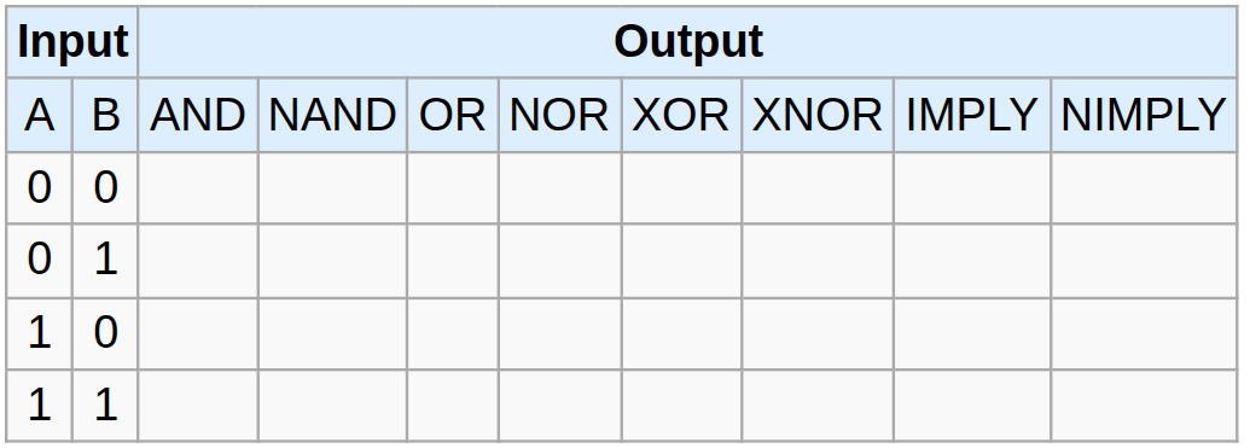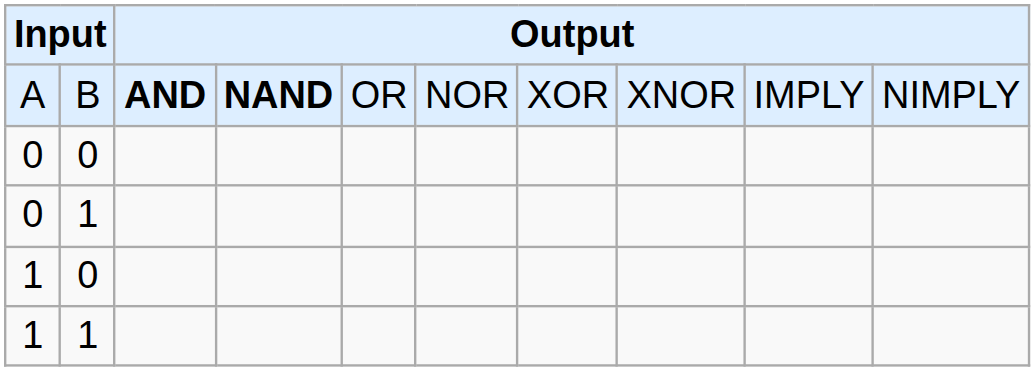 <table class="wikitable" style="text-align:center;">
 <tr style="background:#def;">
 <td colspan=2><strong>Input</strong></td>
 <td colspan=8><strong>Output</strong></td>
 </tr>
 <tr style="background:#def;">
 <td>A</td>
 <td>B</td>
-<td>AND</td>
-<td>NAND</td>
+<td><strong>AND</strong></td>
+<td><strong>NAND</strong></td>
 <td>OR</td>
 <td>NOR</td>
 <td>XOR</td>
 <td>XNOR</td>
 <td>IMPLY</td>
 <td>NIMPLY</td>
 </tr>
 <tr>
 <td>0</td>
 <td>0</td>
 <td></td>
 <td></td>
 <td></td>
 <td></td>
 <td></td>
 <td></td>
 <td></td>
 <td></td>
 </tr>
 <tr>
 <td>0</td>
 <td>1</td>
 <td></td>
 <td></td>
 <td></td>
 <td></td>
 <td></td>
 <td></td>
 <td></td>
 <td></td>
 </tr>
 <tr>
 <td>1</td>
 <td>0</td>
 <td></td>
 <td></td>
 <td></td>
 <td></td>
 <td></td>
 <td></td>
 <td></td>
 <td></td>
 </tr>
 <tr>
 <td>1</td>
 <td>1</td>
 <td></td>
 <td></td>
 <td></td>
 <td></td>
 <td></td>
 <td></td>
 <td></td>
 <td></td>
 </tr>
 </table>
